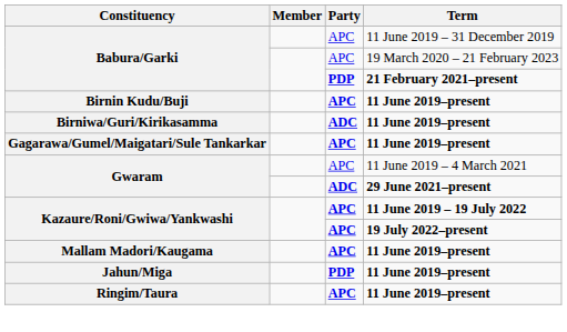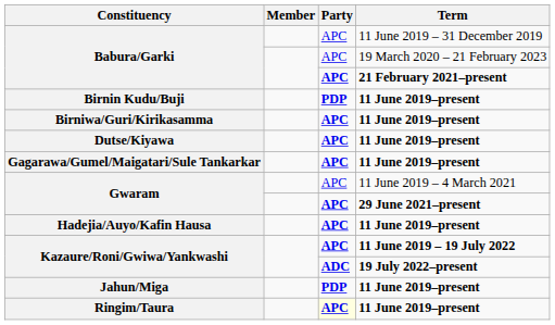 <table class="wikitable">
 <tr valign=bottom>
 <th>Constituency</th>
 <th>Member</th>
 <th>Party</th>
 <th>Term</th>
 </tr>
 <tr>
 <th rowspan=3>Babura/Garki</th>
 <td style="opacity:.3;"></td>
 <td><a href='#'>APC</a></td>
 <td>11 June 2019 – 31 December 2019</td>
 </tr>
 <tr>
 <td rowspan=2><strong></strong></td>
 <td><a href='#'>APC</a></td>
 <td>19 March 2020 – 21 February 2023</td>
 </tr>
 <tr>
-<td><strong><a href='#'>PDP</a></strong></td>
+<td><strong><a href='#'>APC</a></strong></td>
 <td><strong>21 February 2021–present</strong></td>
 </tr>
 <tr>
 <th>Birnin Kudu/Buji</th>
 <td><strong></strong></td>
-<td><strong><a href='#'>APC</a></strong></td>
+<td><strong><a href='#'>PDP</a></strong></td>
 <td><strong>11 June 2019–present</strong></td>
 </tr>
 <tr>
 <th>Birniwa/Guri/Kirikasamma</th>
 <td><strong></strong></td>
-<td><strong><a href='#'>ADC</a></strong></td>
+<td><strong><a href='#'>APC</a></strong></td>
+<td><strong>11 June 2019–present</strong></td>
+</tr>
+<tr>
+<th>Dutse/Kiyawa</th>
+<td><strong></strong></td>
+<td><strong><a href='#'>APC</a></strong></td>
 <td><strong>11 June 2019–present</strong></td>
 </tr>
 <tr>
 <th>Gagarawa/Gumel/Maigatari/Sule Tankarkar</th>
 <td><strong></strong></td>
 <td><strong><a href='#'>APC</a></strong></td>
 <td><strong>11 June 2019–present</strong></td>
 </tr>
 <tr>
 <th rowspan=2>Gwaram</th>
 <td style="opacity:.3;"></td>
 <td><a href='#'>APC</a></td>
 <td>11 June 2019 – 4 March 2021</td>
 </tr>
 <tr>
 <td><strong></strong></td>
-<td><strong><a href='#'>ADC</a></strong></td>
+<td><strong><a href='#'>APC</a></strong></td>
 <td><strong>29 June 2021–present</strong></td>
+</tr>
+<tr>
+<th>Hadejia/Auyo/Kafin Hausa</th>
+<td><strong></strong></td>
+<td><strong><a href='#'>APC</a></strong></td>
+<td><strong>11 June 2019–present</strong></td>
 </tr>
 <tr>
 <th rowspan=2>Kazaure/Roni/Gwiwa/Yankwashi</th>
 <td rowspan=2><strong></strong></td>
 <td><strong><a href='#'>APC</a></strong></td>
 <td><strong>11 June 2019 – 19 July 2022</strong></td>
 </tr>
 <tr>
-<td><strong><a href='#'>APC</a></strong></td>
+<td><strong><a href='#'>ADC</a></strong></td>
 <td><strong>19 July 2022–present</strong></td>
-</tr>
-<tr>
-<th>Mallam Madori/Kaugama</th>
-<td><strong></strong></td>
-<td><strong><a href='#'>APC</a></strong></td>
-<td><strong>11 June 2019–present</strong></td>
 </tr>
 <tr>
 <th>Jahun/Miga</th>
 <td><strong></strong></td>
 <td><strong><a href='#'>PDP</a></strong></td>
 <td><strong>11 June 2019–present</strong></td>
 </tr>
 <tr>
 <th>Ringim/Taura</th>
 <td><strong></strong></td>
-<td><strong><a href='#'>APC</a></strong></td>
+<td style="background: lightyellow;"><strong><a href='#'>APC</a></strong></td>
 <td><strong>11 June 2019–present</strong></td>
 </tr>
 </table>
